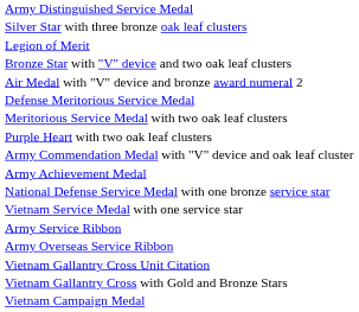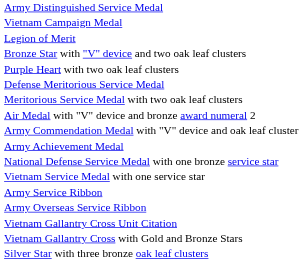 <table>
 <tr>
 <td> <a href='#'>Army Distinguished Service Medal</a></td>
 </tr>
 <tr>
-<td><span></span><span></span><span></span> <a href='#'>Silver Star</a> with three bronze <a href='#'>oak leaf clusters</a></td>
+<td> <a href='#'>Vietnam Campaign Medal</a></td>
 </tr>
 <tr>
 <td> <a href='#'>Legion of Merit</a></td>
 </tr>
 <tr>
 <td> <a href='#'>Bronze Star</a> with <a href='#'>"V" device</a> and two oak leaf clusters</td>
 </tr>
 <tr>
-<td><span></span> <a href='#'>Air Medal</a> with "V" device and bronze <a href='#'>award numeral</a> 2</td>
+<td> <a href='#'>Purple Heart</a> with two oak leaf clusters</td>
 </tr>
 <tr>
 <td> <a href='#'>Defense Meritorious Service Medal</a></td>
 </tr>
 <tr>
 <td> <a href='#'>Meritorious Service Medal</a> with two oak leaf clusters</td>
 </tr>
 <tr>
-<td> <a href='#'>Purple Heart</a> with two oak leaf clusters</td>
+<td><span></span> <a href='#'>Air Medal</a> with "V" device and bronze <a href='#'>award numeral</a> 2</td>
 </tr>
 <tr>
 <td> <a href='#'>Army Commendation Medal</a> with "V" device and oak leaf cluster</td>
 </tr>
 <tr>
 <td> <a href='#'>Army Achievement Medal</a></td>
 </tr>
 <tr>
 <td> <a href='#'>National Defense Service Medal</a> with one bronze <a href='#'>service star</a></td>
 </tr>
 <tr>
 <td> <a href='#'>Vietnam Service Medal</a> with one service star</td>
 </tr>
 <tr>
 <td> <a href='#'>Army Service Ribbon</a></td>
 </tr>
 <tr>
 <td> <a href='#'>Army Overseas Service Ribbon</a></td>
 </tr>
 <tr>
 <td> <a href='#'>Vietnam Gallantry Cross Unit Citation</a></td>
 </tr>
 <tr>
 <td> <a href='#'>Vietnam Gallantry Cross</a> with Gold and Bronze Stars</td>
 </tr>
 <tr>
-<td> <a href='#'>Vietnam Campaign Medal</a></td>
+<td><span></span><span></span><span></span> <a href='#'>Silver Star</a> with three bronze <a href='#'>oak leaf clusters</a></td>
 </tr>
 </table>
